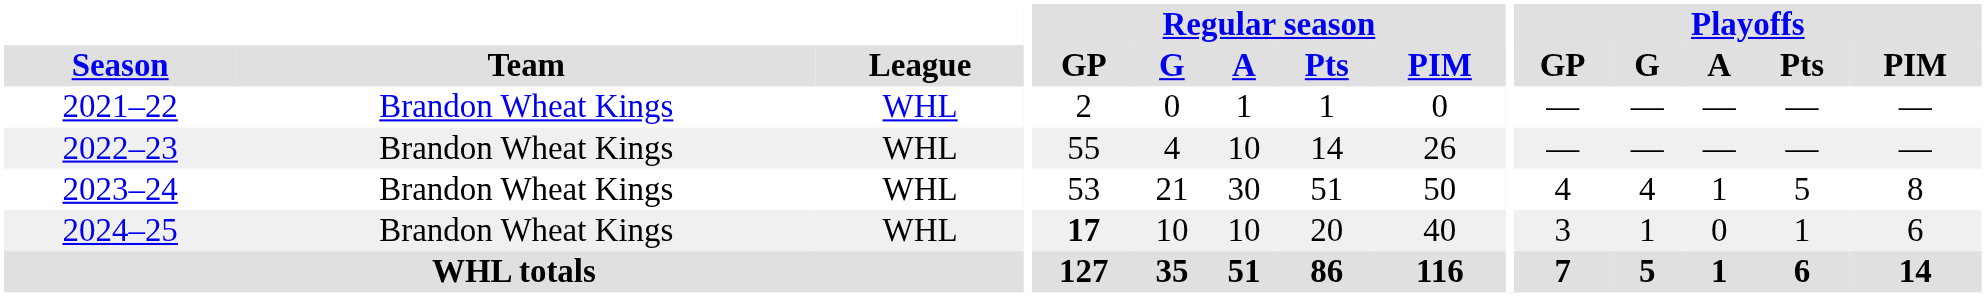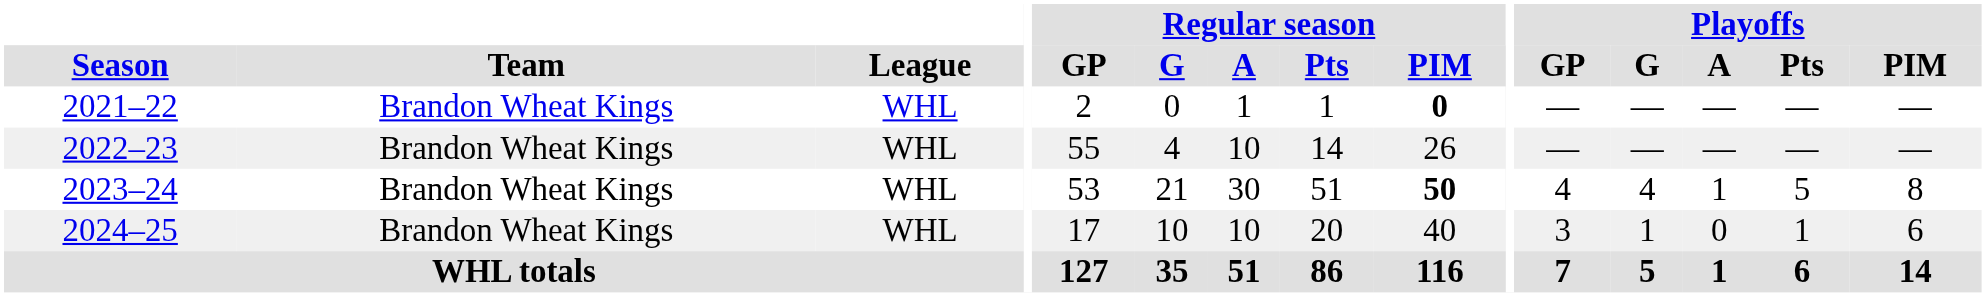 <table border="0" cellpadding="1" cellspacing="0" style="text-align:center; width:60em">
 <tr bgcolor="#e0e0e0">
 <th colspan="3" bgcolor="#ffffff"></th>
 <th rowspan="101" bgcolor="#ffffff"></th>
 <th colspan="5"><a href='#'>Regular season</a></th>
 <th rowspan="101" bgcolor="#ffffff"></th>
 <th colspan="5"><a href='#'>Playoffs</a></th>
 </tr>
 <tr bgcolor="#e0e0e0">
 <th><a href='#'>Season</a></th>
 <th>Team</th>
 <th>League</th>
 <th>GP</th>
 <th><a href='#'>G</a></th>
 <th><a href='#'>A</a></th>
 <th><a href='#'>Pts</a></th>
 <th><a href='#'>PIM</a></th>
 <th>GP</th>
 <th>G</th>
 <th>A</th>
 <th>Pts</th>
 <th>PIM</th>
 </tr>
 <tr>
 <td><a href='#'>2021–22</a></td>
 <td><a href='#'>Brandon Wheat Kings</a></td>
 <td><a href='#'>WHL</a></td>
 <td>2</td>
 <td>0</td>
 <td>1</td>
 <td>1</td>
-<td>0</td>
+<td><strong>0</strong></td>
 <td>—</td>
 <td>—</td>
 <td>—</td>
 <td>—</td>
 <td>—</td>
 </tr>
 <tr bgcolor="#f0f0f0">
 <td><a href='#'>2022–23</a></td>
 <td>Brandon Wheat Kings</td>
 <td>WHL</td>
 <td>55</td>
 <td>4</td>
 <td>10</td>
 <td>14</td>
 <td>26</td>
 <td>—</td>
 <td>—</td>
 <td>—</td>
 <td>—</td>
 <td>—</td>
 </tr>
 <tr>
 <td><a href='#'>2023–24</a></td>
 <td>Brandon Wheat Kings</td>
 <td>WHL</td>
 <td>53</td>
 <td>21</td>
 <td>30</td>
 <td>51</td>
-<td>50</td>
+<td><strong>50</strong></td>
 <td>4</td>
 <td>4</td>
 <td>1</td>
 <td>5</td>
 <td>8</td>
 </tr>
 <tr bgcolor="#f0f0f0">
 <td><a href='#'>2024–25</a></td>
 <td>Brandon Wheat Kings</td>
 <td>WHL</td>
-<td><strong>17</strong></td>
+<td>17</td>
 <td>10</td>
 <td>10</td>
 <td>20</td>
 <td>40</td>
 <td>3</td>
 <td>1</td>
 <td>0</td>
 <td>1</td>
 <td>6</td>
 </tr>
 <tr bgcolor="#e0e0e0">
 <th colspan="3">WHL totals</th>
 <th>127</th>
 <th>35</th>
 <th>51</th>
 <th>86</th>
 <th>116</th>
 <th>7</th>
 <th>5</th>
 <th>1</th>
 <th>6</th>
 <th>14</th>
 </tr>
 </table>
